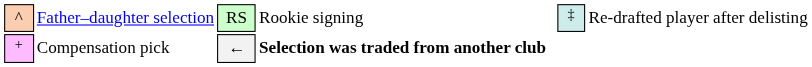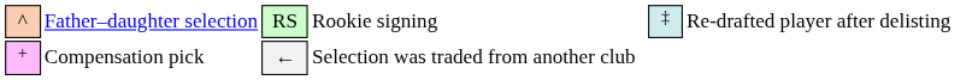 <table class="toccolours" style="white-space: nowrap;">
 <tr>
 <td style="background-color: #FBCEB1; border: 1px solid black; text-align:center;">  ^  </td>
 <td><a href='#'>Father–daughter selection</a></td>
 <td style="background-color: #CCFFCC; border: 1px solid black; text-align:center;">RS</td>
 <td>Rookie signing</td>
 <td style="background-color: #cfecec; border: 1px solid black; text-align:center;">  <sup>‡</sup>  </td>
 <td style="padding-right: 8px">Re-drafted player after delisting</td>
 </tr>
 <tr>
 <td style="background-color: #FFBBFF; border: 1px solid black; text-align:center;">  <sup>+</sup>  </td>
 <td style="padding-right: 8px">Compensation pick</td>
 <td style="background-color: #F2F2F2; border: 1px solid black; text-align:center;">  ←  </td>
-<td style="padding-right: 8px"><strong>Selection was traded from another club</strong></td>
+<td style="padding-right: 8px">Selection was traded from another club</td>
 </tr>
 </table>
